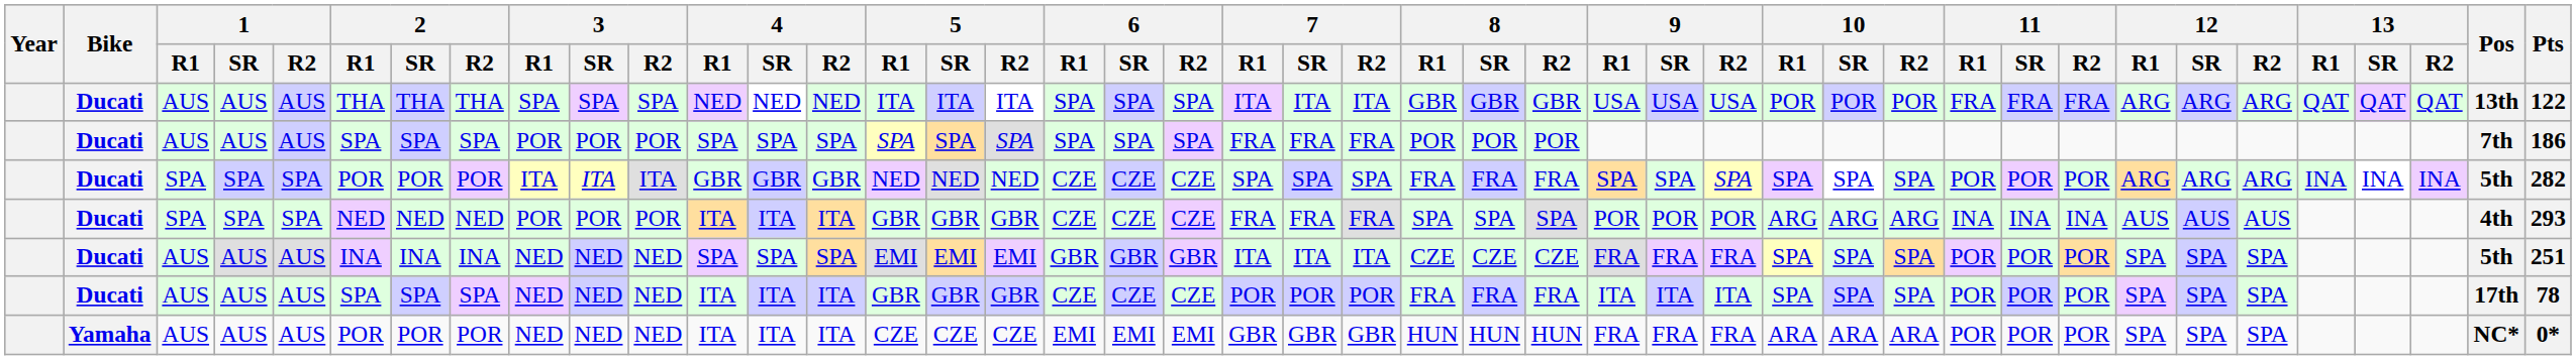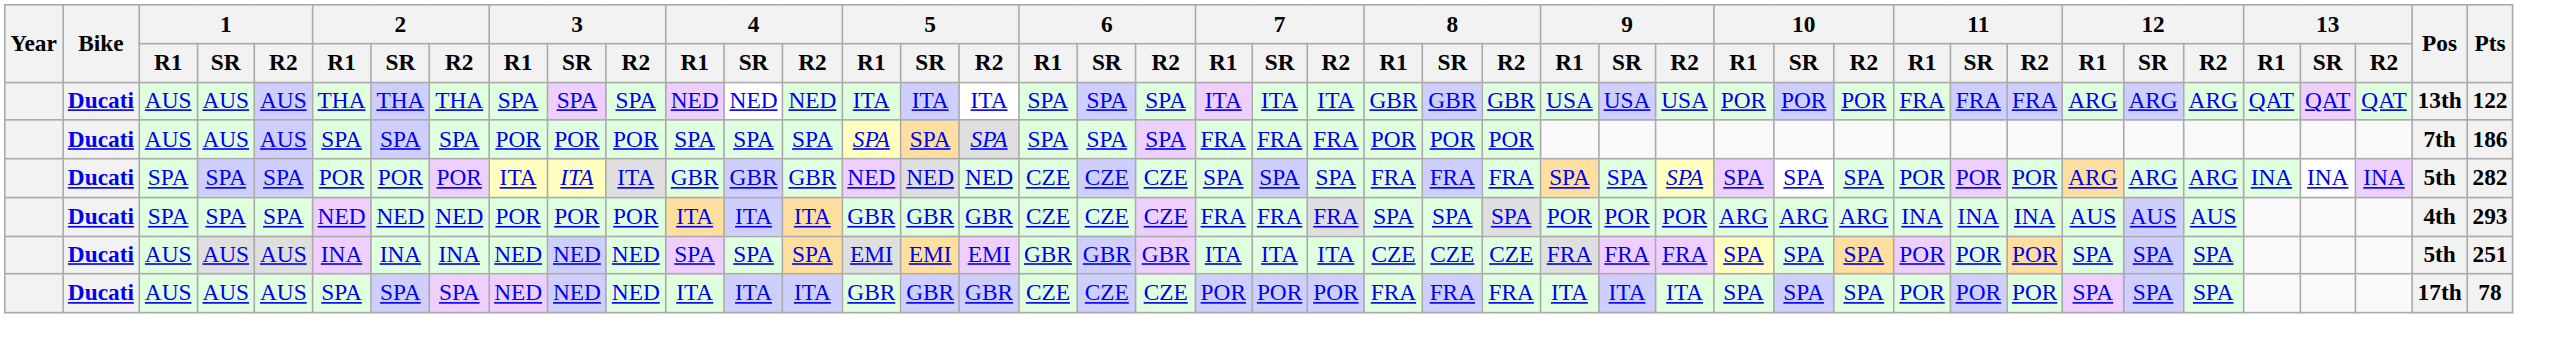 <table class="wikitable" style="text-align:center; font-size:90%;">
 <tr>
 <th rowspan="2">Year</th>
 <th rowspan="2">Bike</th>
 <th colspan="3">1</th>
 <th colspan="3">2</th>
 <th colspan="3">3</th>
 <th colspan="3">4</th>
 <th colspan="3">5</th>
 <th colspan="3">6</th>
 <th colspan="3">7</th>
 <th colspan="3">8</th>
 <th colspan="3">9</th>
 <th colspan="3">10</th>
 <th colspan="3">11</th>
 <th colspan="3">12</th>
 <th colspan="3">13</th>
 <th rowspan="2">Pos</th>
 <th rowspan="2">Pts</th>
 </tr>
 <tr>
 <th>R1</th>
 <th>SR</th>
 <th>R2</th>
 <th>R1</th>
 <th>SR</th>
 <th>R2</th>
 <th>R1</th>
 <th>SR</th>
 <th>R2</th>
 <th>R1</th>
 <th>SR</th>
 <th>R2</th>
 <th>R1</th>
 <th>SR</th>
 <th>R2</th>
 <th>R1</th>
 <th>SR</th>
 <th>R2</th>
 <th>R1</th>
 <th>SR</th>
 <th>R2</th>
 <th>R1</th>
 <th>SR</th>
 <th>R2</th>
 <th>R1</th>
 <th>SR</th>
 <th>R2</th>
 <th>R1</th>
 <th>SR</th>
 <th>R2</th>
 <th>R1</th>
 <th>SR</th>
 <th>R2</th>
 <th>R1</th>
 <th>SR</th>
 <th>R2</th>
 <th>R1</th>
 <th>SR</th>
 <th>R2</th>
 </tr>
 <tr>
 <th></th>
 <th><a href='#'>Ducati</a></th>
 <td style="background:#dfffdf;"><a href='#'>AUS</a><br></td>
 <td style="background:#dfffdf;"><a href='#'>AUS</a><br></td>
 <td style="background:#cfcfff;"><a href='#'>AUS</a><br></td>
 <td style="background:#dfffdf;"><a href='#'>THA</a><br></td>
 <td style="background:#cfcfff;"><a href='#'>THA</a><br></td>
 <td style="background:#dfffdf;"><a href='#'>THA</a><br></td>
 <td style="background:#dfffdf;"><a href='#'>SPA</a><br></td>
 <td style="background:#efcfff;"><a href='#'>SPA</a><br></td>
 <td style="background:#dfffdf;"><a href='#'>SPA</a><br></td>
 <td style="background:#efcfff;"><a href='#'>NED</a><br></td>
 <td style="background:#ffffff;"><a href='#'>NED</a><br></td>
 <td style="background:#dfffdf;"><a href='#'>NED</a><br></td>
 <td style="background:#dfffdf;"><a href='#'>ITA</a><br></td>
 <td style="background:#cfcfff;"><a href='#'>ITA</a><br></td>
 <td style="background:#ffffff;"><a href='#'>ITA</a><br></td>
 <td style="background:#dfffdf;"><a href='#'>SPA</a><br></td>
 <td style="background:#cfcfff;"><a href='#'>SPA</a><br></td>
 <td style="background:#dfffdf;"><a href='#'>SPA</a><br></td>
 <td style="background:#efcfff;"><a href='#'>ITA</a><br></td>
 <td style="background:#dfffdf;"><a href='#'>ITA</a><br></td>
 <td style="background:#dfffdf;"><a href='#'>ITA</a><br></td>
 <td style="background:#dfffdf;"><a href='#'>GBR</a><br></td>
 <td style="background:#cfcfff;"><a href='#'>GBR</a><br></td>
 <td style="background:#dfffdf;"><a href='#'>GBR</a><br></td>
 <td style="background:#dfffdf;"><a href='#'>USA</a><br></td>
 <td style="background:#cfcfff;"><a href='#'>USA</a><br></td>
 <td style="background:#dfffdf;"><a href='#'>USA</a><br></td>
 <td style="background:#dfffdf;"><a href='#'>POR</a><br></td>
 <td style="background:#cfcfff;"><a href='#'>POR</a><br></td>
 <td style="background:#dfffdf;"><a href='#'>POR</a><br></td>
 <td style="background:#dfffdf;"><a href='#'>FRA</a><br></td>
 <td style="background:#cfcfff;"><a href='#'>FRA</a><br></td>
 <td style="background:#cfcfff;"><a href='#'>FRA</a><br></td>
 <td style="background:#dfffdf;"><a href='#'>ARG</a><br></td>
 <td style="background:#cfcfff;"><a href='#'>ARG</a><br></td>
 <td style="background:#dfffdf;"><a href='#'>ARG</a><br></td>
 <td style="background:#dfffdf;"><a href='#'>QAT</a><br></td>
 <td style="background:#efcfff;"><a href='#'>QAT</a><br></td>
 <td style="background:#dfffdf;"><a href='#'>QAT</a><br></td>
 <th>13th</th>
 <th>122</th>
 </tr>
 <tr>
 <th></th>
 <th><a href='#'>Ducati</a></th>
 <td style="background:#dfffdf;"><a href='#'>AUS</a><br></td>
 <td style="background:#dfffdf;"><a href='#'>AUS</a><br></td>
 <td style="background:#cfcfff;"><a href='#'>AUS</a><br></td>
 <td style="background:#dfffdf;"><a href='#'>SPA</a><br></td>
 <td style="background:#cfcfff;"><a href='#'>SPA</a><br></td>
 <td style="background:#dfffdf;"><a href='#'>SPA</a><br></td>
 <td style="background:#dfffdf;"><a href='#'>POR</a><br></td>
 <td style="background:#dfffdf;"><a href='#'>POR</a><br></td>
 <td style="background:#dfffdf;"><a href='#'>POR</a><br></td>
 <td style="background:#dfffdf;"><a href='#'>SPA</a><br></td>
 <td style="background:#dfffdf;"><a href='#'>SPA</a><br></td>
 <td style="background:#dfffdf;"><a href='#'>SPA</a><br></td>
 <td style="background:#FFFFBF;"><em><a href='#'>SPA</a></em><br></td>
 <td style="background:#ffdf9f;"><a href='#'>SPA</a><br></td>
 <td style="background:#dfdfdf;"><em><a href='#'>SPA</a></em><br></td>
 <td style="background:#dfffdf;"><a href='#'>SPA</a><br></td>
 <td style="background:#dfffdf;"><a href='#'>SPA</a><br></td>
 <td style="background:#efcfff;"><a href='#'>SPA</a><br></td>
 <td style="background:#dfffdf;"><a href='#'>FRA</a><br></td>
 <td style="background:#dfffdf;"><a href='#'>FRA</a><br></td>
 <td style="background:#dfffdf;"><a href='#'>FRA</a><br></td>
 <td style="background:#dfffdf;"><a href='#'>POR</a><br></td>
 <td style="background:#dfffdf;"><a href='#'>POR</a><br></td>
 <td style="background:#dfffdf;"><a href='#'>POR</a><br></td>
 <td></td>
 <td></td>
 <td></td>
 <td></td>
 <td></td>
 <td></td>
 <td></td>
 <td></td>
 <td></td>
 <td></td>
 <td></td>
 <td></td>
 <td></td>
 <td></td>
 <td></td>
 <th>7th</th>
 <th>186</th>
 </tr>
 <tr>
 <th></th>
 <th><a href='#'>Ducati</a></th>
 <td style="background:#dfffdf;"><a href='#'>SPA</a><br></td>
 <td style="background:#cfcfff;"><a href='#'>SPA</a><br></td>
 <td style="background:#cfcfff;"><a href='#'>SPA</a><br></td>
 <td style="background:#dfffdf;"><a href='#'>POR</a><br></td>
 <td style="background:#dfffdf;"><a href='#'>POR</a><br></td>
 <td style="background:#efcfff;"><a href='#'>POR</a><br></td>
 <td style="background:#FFFFBF;"><a href='#'>ITA</a><br></td>
 <td style="background:#FFFFBF;"><em><a href='#'>ITA</a></em><br></td>
 <td style="background:#dfdfdf;"><a href='#'>ITA</a><br></td>
 <td style="background:#dfffdf;"><a href='#'>GBR</a><br></td>
 <td style="background:#cfcfff;"><a href='#'>GBR</a><br></td>
 <td style="background:#dfffdf;"><a href='#'>GBR</a><br></td>
 <td style="background:#efcfff;"><a href='#'>NED</a><br></td>
 <td style="background:#dfdfdf;"><a href='#'>NED</a><br></td>
 <td style="background:#dfffdf;"><a href='#'>NED</a><br></td>
 <td style="background:#dfffdf;"><a href='#'>CZE</a><br></td>
 <td style="background:#cfcfff;"><a href='#'>CZE</a><br></td>
 <td style="background:#dfffdf;"><a href='#'>CZE</a><br></td>
 <td style="background:#dfffdf;"><a href='#'>SPA</a><br></td>
 <td style="background:#cfcfff;"><a href='#'>SPA</a><br></td>
 <td style="background:#dfffdf;"><a href='#'>SPA</a><br></td>
 <td style="background:#dfffdf;"><a href='#'>FRA</a><br></td>
 <td style="background:#cfcfff;"><a href='#'>FRA</a><br></td>
 <td style="background:#dfffdf;"><a href='#'>FRA</a><br></td>
 <td style="background:#ffdf9f;"><a href='#'>SPA</a><br></td>
 <td style="background:#dfffdf;"><a href='#'>SPA</a><br></td>
 <td style="background:#FFFFBF;"><em><a href='#'>SPA</a></em><br></td>
 <td style="background:#efcfff;"><a href='#'>SPA</a><br></td>
 <td style="background:#ffffff;"><a href='#'>SPA</a><br></td>
 <td style="background:#dfffdf;"><a href='#'>SPA</a><br></td>
 <td style="background:#dfffdf;"><a href='#'>POR</a><br></td>
 <td style="background:#efcfff;"><a href='#'>POR</a><br></td>
 <td style="background:#dfffdf;"><a href='#'>POR</a><br></td>
 <td style="background:#ffdf9f;"><a href='#'>ARG</a><br></td>
 <td style="background:#dfffdf;"><a href='#'>ARG</a><br></td>
 <td style="background:#dfffdf;"><a href='#'>ARG</a><br></td>
 <td style="background:#dfffdf;"><a href='#'>INA</a><br></td>
 <td style="background:#ffffff;"><a href='#'>INA</a><br></td>
 <td style="background:#efcfff;"><a href='#'>INA</a><br></td>
 <th>5th</th>
 <th>282</th>
 </tr>
 <tr>
 <th></th>
 <th><a href='#'>Ducati</a></th>
 <td style="background:#dfffdf;"><a href='#'>SPA</a><br></td>
 <td style="background:#dfffdf;"><a href='#'>SPA</a><br></td>
 <td style="background:#dfffdf;"><a href='#'>SPA</a><br></td>
 <td style="background:#efcfff;"><a href='#'>NED</a><br></td>
 <td style="background:#dfffdf;"><a href='#'>NED</a><br></td>
 <td style="background:#dfffdf;"><a href='#'>NED</a><br></td>
 <td style="background:#dfffdf;"><a href='#'>POR</a><br></td>
 <td style="background:#dfffdf;"><a href='#'>POR</a><br></td>
 <td style="background:#dfffdf;"><a href='#'>POR</a><br></td>
 <td style="background:#ffdf9f;"><a href='#'>ITA</a><br></td>
 <td style="background:#cfcfff;"><a href='#'>ITA</a><br></td>
 <td style="background:#ffdf9f;"><a href='#'>ITA</a><br></td>
 <td style="background:#dfffdf;"><a href='#'>GBR</a><br></td>
 <td style="background:#dfffdf;"><a href='#'>GBR</a><br></td>
 <td style="background:#dfffdf;"><a href='#'>GBR</a><br></td>
 <td style="background:#dfffdf;"><a href='#'>CZE</a><br></td>
 <td style="background:#dfffdf;"><a href='#'>CZE</a><br></td>
 <td style="background:#efcfff;"><a href='#'>CZE</a><br></td>
 <td style="background:#dfffdf;"><a href='#'>FRA</a><br></td>
 <td style="background:#dfffdf;"><a href='#'>FRA</a><br></td>
 <td style="background:#dfdfdf;"><a href='#'>FRA</a><br></td>
 <td style="background:#dfffdf;"><a href='#'>SPA</a><br></td>
 <td style="background:#dfffdf;"><a href='#'>SPA</a><br></td>
 <td style="background:#dfdfdf;"><a href='#'>SPA</a><br></td>
 <td style="background:#dfffdf;"><a href='#'>POR</a><br></td>
 <td style="background:#dfffdf;"><a href='#'>POR</a><br></td>
 <td style="background:#dfffdf;"><a href='#'>POR</a><br></td>
 <td style="background:#dfffdf;"><a href='#'>ARG</a><br></td>
 <td style="background:#dfffdf;"><a href='#'>ARG</a><br></td>
 <td style="background:#dfffdf;"><a href='#'>ARG</a><br></td>
 <td style="background:#dfffdf;"><a href='#'>INA</a><br></td>
 <td style="background:#dfffdf;"><a href='#'>INA</a><br></td>
 <td style="background:#dfffdf;"><a href='#'>INA</a><br></td>
 <td style="background:#dfffdf;"><a href='#'>AUS</a><br></td>
 <td style="background:#cfcfff;"><a href='#'>AUS</a><br></td>
 <td style="background:#DFFFDF;"><a href='#'>AUS</a><br></td>
 <td></td>
 <td></td>
 <td></td>
 <th>4th</th>
 <th>293</th>
 </tr>
 <tr>
 <th></th>
 <th><a href='#'>Ducati</a></th>
 <td style="background:#dfffdf;"><a href='#'>AUS</a><br></td>
 <td style="background:#dfdfdf;"><a href='#'>AUS</a><br></td>
 <td style="background:#dfdfdf;"><a href='#'>AUS</a><br></td>
 <td style="background:#efcfff;"><a href='#'>INA</a><br></td>
 <td style="background:#dfffdf;"><a href='#'>INA</a><br></td>
 <td style="background:#dfffdf;"><a href='#'>INA</a><br></td>
 <td style="background:#dfffdf;"><a href='#'>NED</a><br></td>
 <td style="background:#cfcfff;"><a href='#'>NED</a><br></td>
 <td style="background:#dfffdf;"><a href='#'>NED</a><br></td>
 <td style="background:#efcfff;"><a href='#'>SPA</a><br></td>
 <td style="background:#dfffdf;"><a href='#'>SPA</a><br></td>
 <td style="background:#ffdf9f;"><a href='#'>SPA</a><br></td>
 <td style="background:#dfdfdf;"><a href='#'>EMI</a><br></td>
 <td style="background:#ffdf9f;"><a href='#'>EMI</a><br></td>
 <td style="background:#efcfff;"><a href='#'>EMI</a><br></td>
 <td style="background:#dfffdf;"><a href='#'>GBR</a><br></td>
 <td style="background:#cfcfff;"><a href='#'>GBR</a><br></td>
 <td style="background:#efcfff;"><a href='#'>GBR</a><br></td>
 <td style="background:#dfffdf;"><a href='#'>ITA</a><br></td>
 <td style="background:#dfffdf;"><a href='#'>ITA</a><br></td>
 <td style="background:#dfffdf;"><a href='#'>ITA</a><br></td>
 <td style="background:#dfffdf;"><a href='#'>CZE</a><br></td>
 <td style="background:#dfffdf;"><a href='#'>CZE</a><br></td>
 <td style="background:#dfffdf;"><a href='#'>CZE</a><br></td>
 <td style="background:#dfdfdf;"><a href='#'>FRA</a><br></td>
 <td style="background:#efcfff;"><a href='#'>FRA</a><br></td>
 <td style="background:#efcfff;"><a href='#'>FRA</a><br></td>
 <td style="background:#FFFFBF;"><a href='#'>SPA</a><br></td>
 <td style="background:#dfffdf;"><a href='#'>SPA</a><br></td>
 <td style="background:#ffdf9f;"><a href='#'>SPA</a><br></td>
 <td style="background:#efcfff;"><a href='#'>POR</a><br></td>
 <td style="background:#dfffdf;"><a href='#'>POR</a><br></td>
 <td style="background:#ffdf9f;"><a href='#'>POR</a><br></td>
 <td style="background:#dfffdf;"><a href='#'>SPA</a><br></td>
 <td style="background:#cfcfff;"><a href='#'>SPA</a><br></td>
 <td style="background:#dfffdf;"><a href='#'>SPA</a><br></td>
 <td></td>
 <td></td>
 <td></td>
 <th>5th</th>
 <th>251</th>
 </tr>
 <tr>
 <th></th>
 <th><a href='#'>Ducati</a></th>
 <td style="background:#dfffdf;"><a href='#'>AUS</a><br></td>
 <td style="background:#dfffdf;"><a href='#'>AUS</a><br></td>
 <td style="background:#dfffdf;"><a href='#'>AUS</a><br></td>
 <td style="background:#dfffdf;"><a href='#'>SPA</a><br></td>
 <td style="background:#cfcfff;"><a href='#'>SPA</a><br></td>
 <td style="background:#efcfff;"><a href='#'>SPA</a><br></td>
 <td style="background:#efcfff;"><a href='#'>NED</a><br></td>
 <td style="background:#cfcfff;"><a href='#'>NED</a><br></td>
 <td style="background:#dfffdf;"><a href='#'>NED</a><br></td>
 <td style="background:#dfffdf;"><a href='#'>ITA</a><br></td>
 <td style="background:#cfcfff;"><a href='#'>ITA</a><br></td>
 <td style="background:#cfcfff;"><a href='#'>ITA</a><br></td>
 <td style="background:#dfffdf;"><a href='#'>GBR</a><br></td>
 <td style="background:#cfcfff;"><a href='#'>GBR</a><br></td>
 <td style="background:#cfcfff;"><a href='#'>GBR</a><br></td>
 <td style="background:#dfffdf;"><a href='#'>CZE</a><br></td>
 <td style="background:#cfcfff;"><a href='#'>CZE</a><br></td>
 <td style="background:#dfffdf;"><a href='#'>CZE</a><br></td>
 <td style="background:#cfcfff;"><a href='#'>POR</a><br></td>
 <td style="background:#cfcfff;"><a href='#'>POR</a><br></td>
 <td style="background:#cfcfff;"><a href='#'>POR</a><br></td>
 <td style="background:#dfffdf;"><a href='#'>FRA</a><br></td>
 <td style="background:#cfcfff;"><a href='#'>FRA</a><br></td>
 <td style="background:#dfffdf;"><a href='#'>FRA</a><br></td>
 <td style="background:#dfffdf;"><a href='#'>ITA</a><br></td>
 <td style="background:#cfcfff;"><a href='#'>ITA</a><br></td>
 <td style="background:#dfffdf;"><a href='#'>ITA</a><br></td>
 <td style="background:#dfffdf;"><a href='#'>SPA</a><br></td>
 <td style="background:#cfcfff;"><a href='#'>SPA</a><br></td>
 <td style="background:#dfffdf;"><a href='#'>SPA</a><br></td>
 <td style="background:#DFFFDF;"><a href='#'>POR</a><br></td>
 <td style="background:#CFCFFF;"><a href='#'>POR</a><br></td>
 <td style="background:#DFFFDF;"><a href='#'>POR</a><br></td>
 <td style="background:#EFCFFF;"><a href='#'>SPA</a><br></td>
 <td style="background:#CFCFFF;"><a href='#'>SPA</a><br></td>
 <td style="background:#DFFFDF;"><a href='#'>SPA</a><br></td>
 <td></td>
 <td></td>
 <td></td>
 <th>17th</th>
 <th>78</th>
 </tr>
-<tr>
-<th></th>
-<th><a href='#'>Yamaha</a></th>
-<td><a href='#'>AUS</a></td>
-<td><a href='#'>AUS</a></td>
-<td><a href='#'>AUS</a></td>
-<td><a href='#'>POR</a></td>
-<td><a href='#'>POR</a></td>
-<td><a href='#'>POR</a></td>
-<td><a href='#'>NED</a></td>
-<td><a href='#'>NED</a></td>
-<td><a href='#'>NED</a></td>
-<td><a href='#'>ITA</a></td>
-<td><a href='#'>ITA</a></td>
-<td><a href='#'>ITA</a></td>
-<td><a href='#'>CZE</a></td>
-<td><a href='#'>CZE</a></td>
-<td><a href='#'>CZE</a></td>
-<td><a href='#'>EMI</a></td>
-<td><a href='#'>EMI</a></td>
-<td><a href='#'>EMI</a></td>
-<td><a href='#'>GBR</a></td>
-<td><a href='#'>GBR</a></td>
-<td><a href='#'>GBR</a></td>
-<td><a href='#'>HUN</a></td>
-<td><a href='#'>HUN</a></td>
-<td><a href='#'>HUN</a></td>
-<td><a href='#'>FRA</a></td>
-<td><a href='#'>FRA</a></td>
-<td><a href='#'>FRA</a></td>
-<td><a href='#'>ARA</a></td>
-<td><a href='#'>ARA</a></td>
-<td><a href='#'>ARA</a></td>
-<td><a href='#'>POR</a></td>
-<td><a href='#'>POR</a></td>
-<td><a href='#'>POR</a></td>
-<td><a href='#'>SPA</a></td>
-<td><a href='#'>SPA</a></td>
-<td><a href='#'>SPA</a></td>
-<td></td>
-<td></td>
-<td></td>
-<th>NC*</th>
-<th>0*</th>
-</tr>
 </table>
